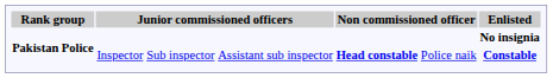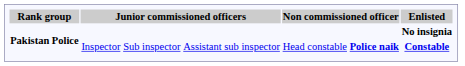 <table style="border:1px solid #8888aa; background-color:#f7f8ff; padding:5px; font-size:95%; margin: 0px 12px 12px 0px; text-align:center;">
 <tr style="background-color:#CCCCCC;">
 <th>Rank group</th>
 <th colspan="3">Junior commissioned officers</th>
 <th colspan="2">Non commissioned officer</th>
 <th>Enlisted</th>
 </tr>
 <tr>
 <td rowspan="3"> <strong>Pakistan Police</strong></td>
 <td></td>
 <td></td>
 <td></td>
 <td></td>
 <td></td>
 <td><strong>No insignia</strong></td>
 </tr>
 <tr>
 <td><a href='#'>Inspector</a></td>
 <td><a href='#'>Sub inspector</a></td>
 <td><a href='#'>Assistant sub inspector</a></td>
-<td><strong><a href='#'>Head constable</a></strong></td>
-<td><a href='#'>Police naik</a></td>
+<td><a href='#'>Head constable</a></td>
+<td><strong><a href='#'>Police naik</a></strong></td>
 <td><strong><a href='#'>Constable</a></strong></td>
 </tr>
 <tr>
 <td></td>
 <td></td>
 <td></td>
 <td></td>
 <td></td>
 <td></td>
 </tr>
 </table>
